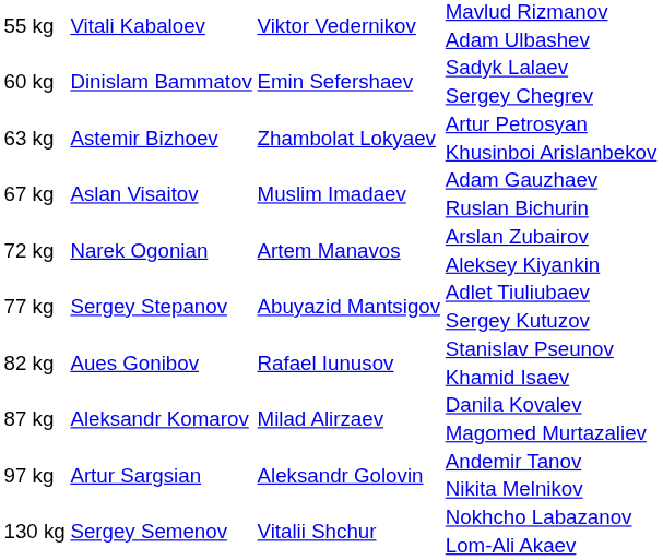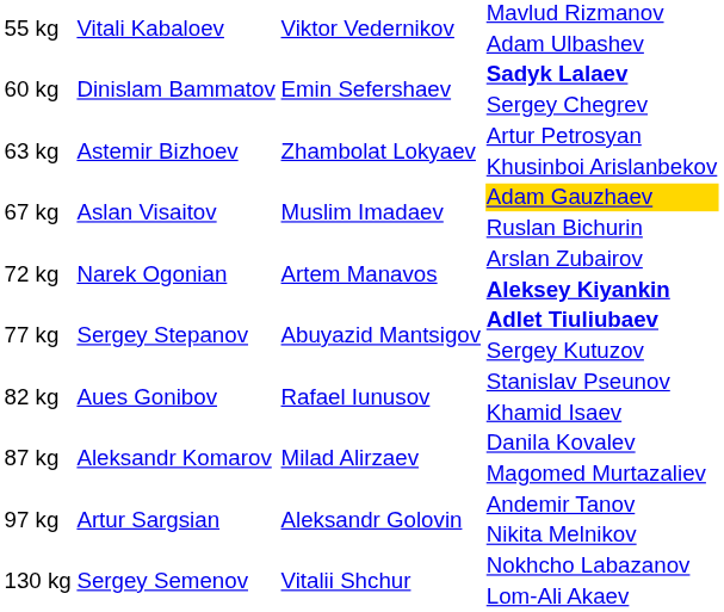 <table>
 <tr>
 <td rowspan=2>55 kg<br></td>
 <td rowspan=2> <a href='#'>Vitali Kabaloev</a></td>
 <td rowspan=2> <a href='#'>Viktor Vedernikov</a></td>
 <td> <a href='#'>Mavlud Rizmanov</a></td>
 </tr>
 <tr>
 <td> <a href='#'>Adam Ulbashev</a></td>
 </tr>
 <tr>
 <td rowspan=2>60 kg<br></td>
 <td rowspan=2> <a href='#'>Dinislam Bammatov</a></td>
 <td rowspan=2> <a href='#'>Emin Sefershaev</a></td>
-<td> <a href='#'>Sadyk Lalaev</a></td>
+<td><strong> <a href='#'>Sadyk Lalaev</a></strong></td>
 </tr>
 <tr>
 <td> <a href='#'>Sergey Chegrev</a></td>
 </tr>
 <tr>
 <td rowspan=2>63 kg<br></td>
 <td rowspan=2> <a href='#'>Astemir Bizhoev</a></td>
 <td rowspan=2> <a href='#'>Zhambolat Lokyaev</a></td>
 <td> <a href='#'>Artur Petrosyan</a></td>
 </tr>
 <tr>
 <td> <a href='#'>Khusinboi Arislanbekov</a></td>
 </tr>
 <tr>
 <td rowspan=2>67 kg<br></td>
 <td rowspan=2> <a href='#'>Aslan Visaitov</a></td>
 <td rowspan=2> <a href='#'>Muslim Imadaev</a></td>
-<td> <a href='#'>Adam Gauzhaev</a></td>
+<td style="background: gold;"> <a href='#'>Adam Gauzhaev</a></td>
 </tr>
 <tr>
 <td> <a href='#'>Ruslan Bichurin</a></td>
 </tr>
 <tr>
 <td rowspan=2>72 kg<br></td>
 <td rowspan=2> <a href='#'>Narek Ogonian</a></td>
 <td rowspan=2> <a href='#'>Artem Manavos</a></td>
 <td> <a href='#'>Arslan Zubairov</a></td>
 </tr>
 <tr>
-<td> <a href='#'>Aleksey Kiyankin</a></td>
+<td><strong> <a href='#'>Aleksey Kiyankin</a></strong></td>
 </tr>
 <tr>
 <td rowspan=2>77 kg<br></td>
 <td rowspan=2> <a href='#'>Sergey Stepanov</a></td>
 <td rowspan=2> <a href='#'>Abuyazid Mantsigov</a></td>
-<td> <a href='#'>Adlet Tiuliubaev</a></td>
+<td><strong> <a href='#'>Adlet Tiuliubaev</a></strong></td>
 </tr>
 <tr>
 <td> <a href='#'>Sergey Kutuzov</a></td>
 </tr>
 <tr>
 <td rowspan=2>82 kg<br></td>
 <td rowspan=2> <a href='#'>Aues Gonibov</a></td>
 <td rowspan=2> <a href='#'>Rafael Iunusov</a></td>
 <td> <a href='#'>Stanislav Pseunov</a></td>
 </tr>
 <tr>
 <td> <a href='#'>Khamid Isaev</a></td>
 </tr>
 <tr>
 <td rowspan=2>87 kg<br></td>
 <td rowspan=2> <a href='#'>Aleksandr Komarov</a></td>
 <td rowspan=2> <a href='#'>Milad Alirzaev</a></td>
 <td> <a href='#'>Danila Kovalev</a></td>
 </tr>
 <tr>
 <td> <a href='#'>Magomed Murtazaliev</a></td>
 </tr>
 <tr>
 <td rowspan=2>97 kg<br></td>
 <td rowspan=2> <a href='#'>Artur Sargsian</a></td>
 <td rowspan=2> <a href='#'>Aleksandr Golovin</a></td>
 <td> <a href='#'>Andemir Tanov</a></td>
 </tr>
 <tr>
 <td> <a href='#'>Nikita Melnikov</a></td>
 </tr>
 <tr>
 <td rowspan=2>130 kg<br></td>
 <td rowspan=2> <a href='#'>Sergey Semenov</a></td>
 <td rowspan=2> <a href='#'>Vitalii Shchur</a></td>
 <td> <a href='#'>Nokhcho Labazanov</a></td>
 </tr>
 <tr>
 <td> <a href='#'>Lom-Ali Akaev</a></td>
 </tr>
 </table>
